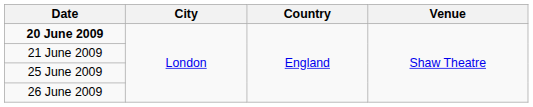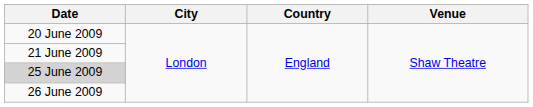 <table class="wikitable" style="text-align:center;">
 <tr>
 <th width="150">Date</th>
 <th width="150">City</th>
 <th width="150">Country</th>
 <th width="200">Venue</th>
 </tr>
 <tr>
-<td><strong>20 June 2009</strong></td>
+<td>20 June 2009</td>
 <td rowspan="4"><a href='#'>London</a></td>
 <td rowspan="4"><a href='#'>England</a></td>
 <td rowspan="4"><a href='#'>Shaw Theatre</a></td>
 </tr>
 <tr>
 <td>21 June 2009</td>
 </tr>
 <tr>
-<td>25 June 2009</td>
+<td style="background: lightgrey;">25 June 2009</td>
 </tr>
 <tr>
 <td>26 June 2009</td>
 </tr>
 </table>
